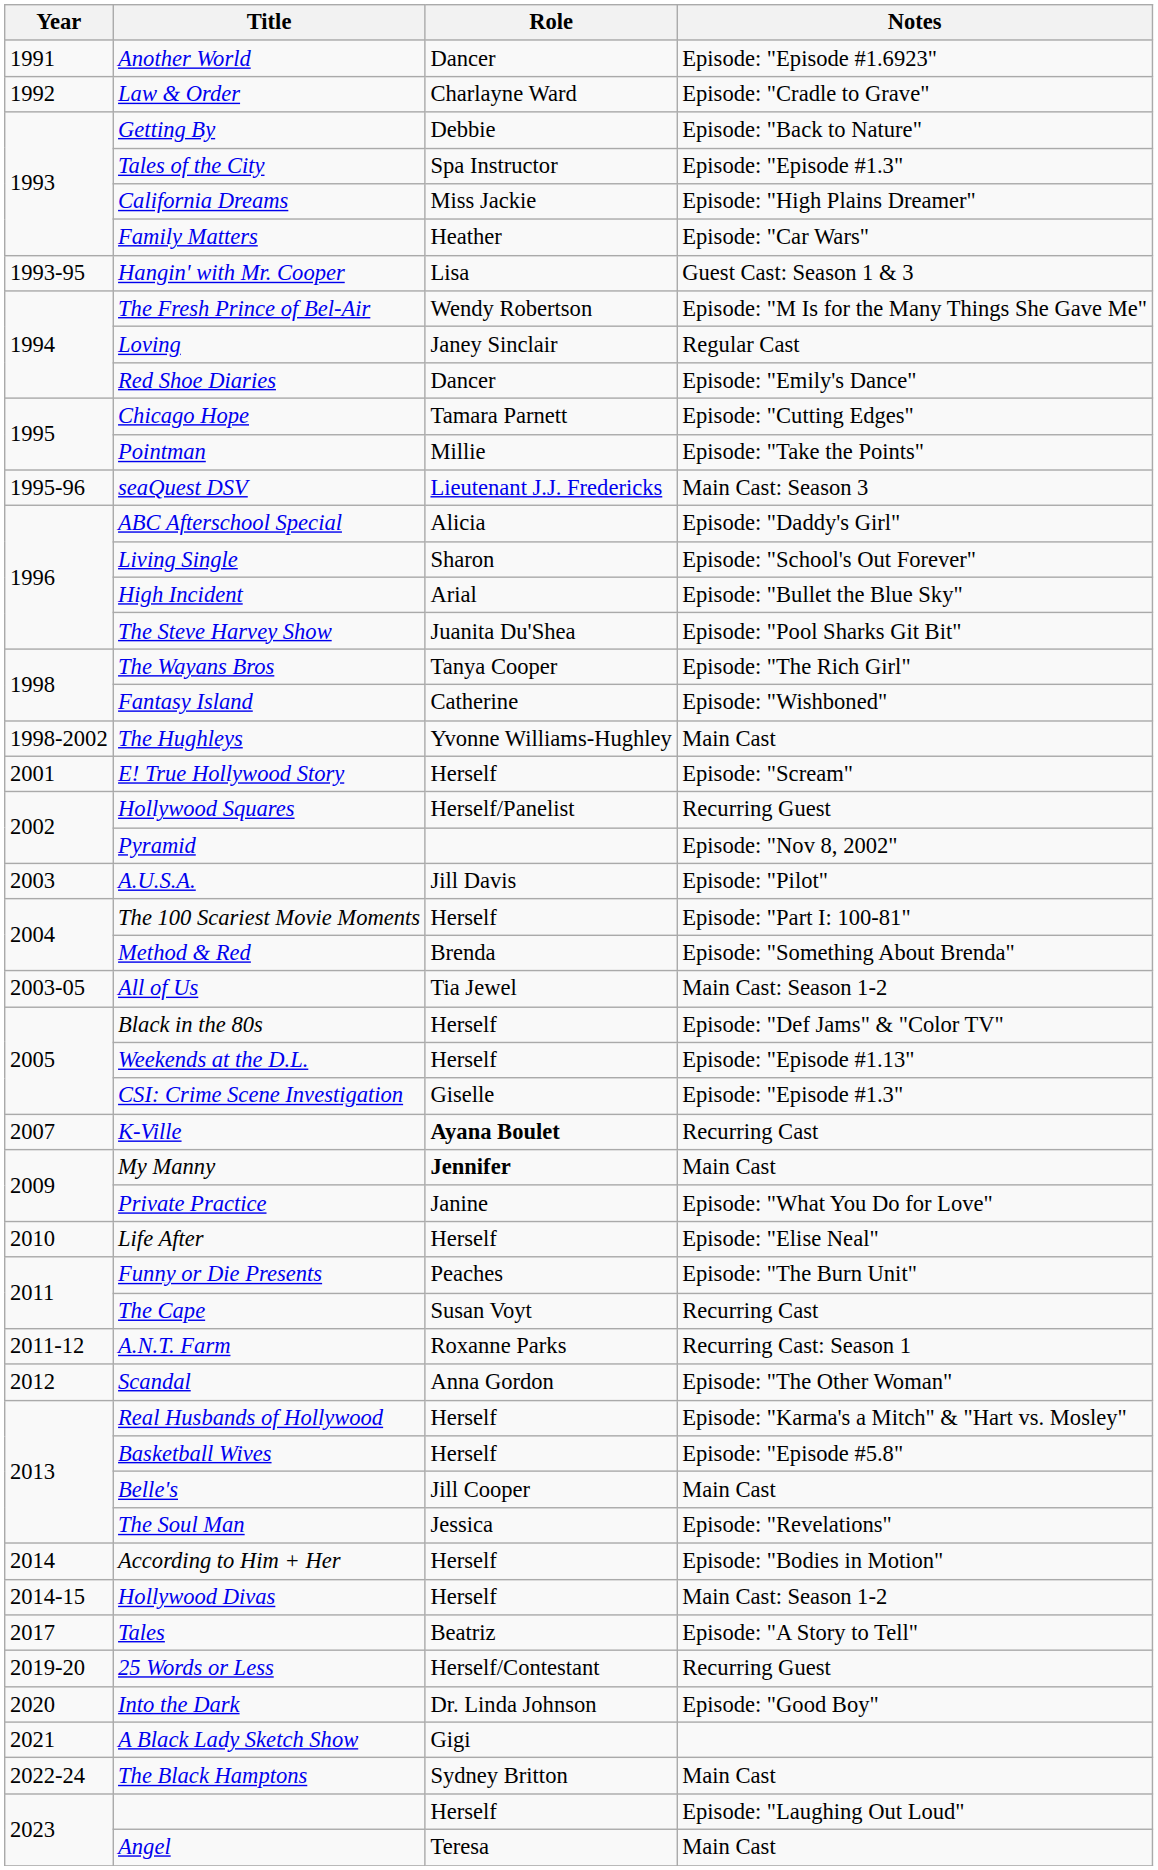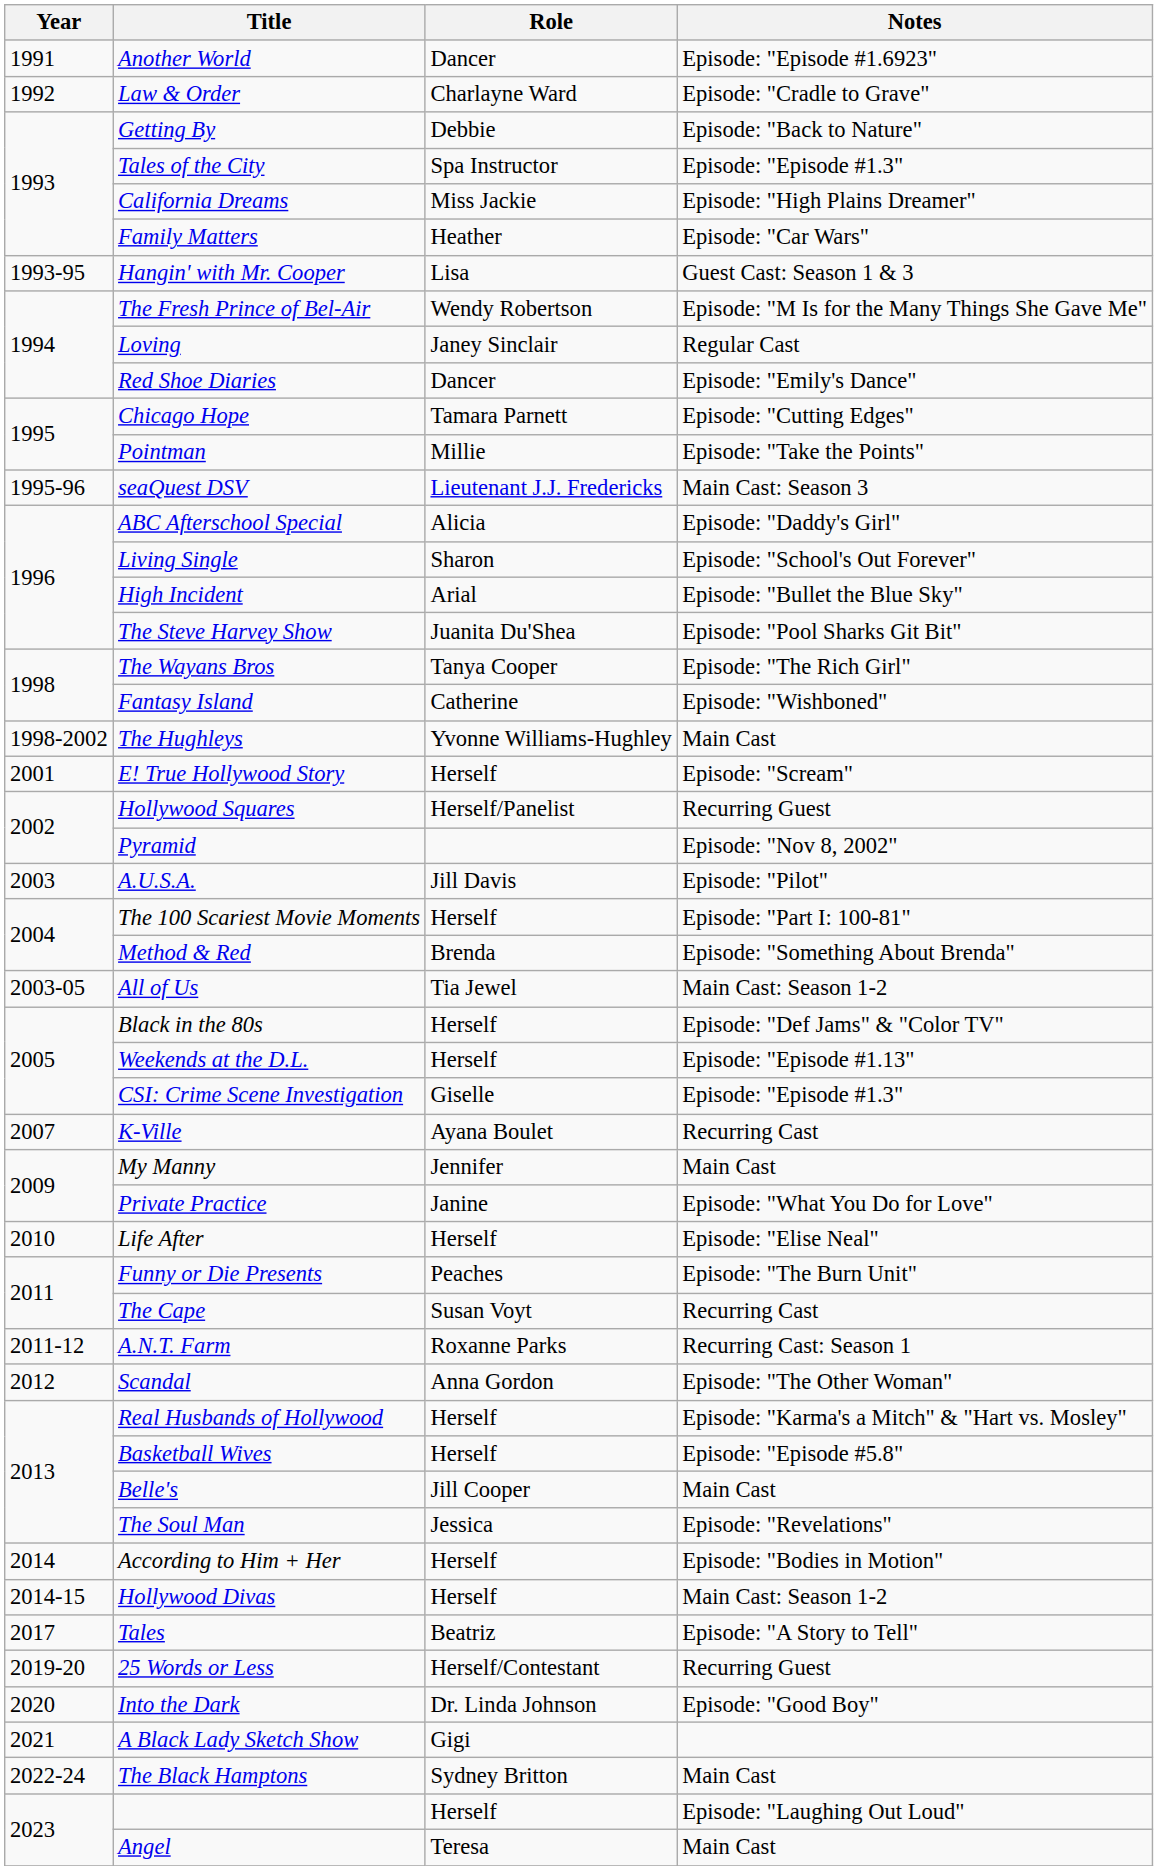 <table class="wikitable sortable">
 <tr>
 <th>Year</th>
 <th>Title</th>
 <th>Role</th>
 <th>Notes</th>
 </tr>
 <tr>
 <td>1991</td>
 <td><em><a href='#'>Another World</a></em></td>
 <td>Dancer</td>
 <td>Episode: "Episode #1.6923"</td>
 </tr>
 <tr>
 <td>1992</td>
 <td><em><a href='#'>Law & Order</a></em></td>
 <td>Charlayne Ward</td>
 <td>Episode: "Cradle to Grave"</td>
 </tr>
 <tr>
 <td rowspan="4">1993</td>
 <td><em><a href='#'>Getting By</a></em></td>
 <td>Debbie</td>
 <td>Episode: "Back to Nature"</td>
 </tr>
 <tr>
 <td><em><a href='#'>Tales of the City</a></em></td>
 <td>Spa Instructor</td>
 <td>Episode: "Episode #1.3"</td>
 </tr>
 <tr>
 <td><em><a href='#'>California Dreams</a></em></td>
 <td>Miss Jackie</td>
 <td>Episode: "High Plains Dreamer"</td>
 </tr>
 <tr>
 <td><em><a href='#'>Family Matters</a></em></td>
 <td>Heather</td>
 <td>Episode: "Car Wars"</td>
 </tr>
 <tr>
 <td>1993-95</td>
 <td><em><a href='#'>Hangin' with Mr. Cooper</a></em></td>
 <td>Lisa</td>
 <td>Guest Cast: Season 1 & 3</td>
 </tr>
 <tr>
 <td rowspan="3">1994</td>
 <td><em><a href='#'>The Fresh Prince of Bel-Air</a></em></td>
 <td>Wendy Robertson</td>
 <td>Episode: "M Is for the Many Things She Gave Me"</td>
 </tr>
 <tr>
 <td><em><a href='#'>Loving</a></em></td>
 <td>Janey Sinclair</td>
 <td>Regular Cast</td>
 </tr>
 <tr>
 <td><em><a href='#'>Red Shoe Diaries</a></em></td>
 <td>Dancer</td>
 <td>Episode: "Emily's Dance"</td>
 </tr>
 <tr>
 <td rowspan="2">1995</td>
 <td><em><a href='#'>Chicago Hope</a></em></td>
 <td>Tamara Parnett</td>
 <td>Episode: "Cutting Edges"</td>
 </tr>
 <tr>
 <td><em><a href='#'>Pointman</a></em></td>
 <td>Millie</td>
 <td>Episode: "Take the Points"</td>
 </tr>
 <tr>
 <td>1995-96</td>
 <td><em><a href='#'>seaQuest DSV</a></em></td>
 <td><a href='#'>Lieutenant J.J. Fredericks</a></td>
 <td>Main Cast: Season 3</td>
 </tr>
 <tr>
 <td rowspan="4">1996</td>
 <td><em><a href='#'>ABC Afterschool Special</a></em></td>
 <td>Alicia</td>
 <td>Episode: "Daddy's Girl"</td>
 </tr>
 <tr>
 <td><em><a href='#'>Living Single</a></em></td>
 <td>Sharon</td>
 <td>Episode: "School's Out Forever"</td>
 </tr>
 <tr>
 <td><em><a href='#'>High Incident</a></em></td>
 <td>Arial</td>
 <td>Episode: "Bullet the Blue Sky"</td>
 </tr>
 <tr>
 <td><em><a href='#'>The Steve Harvey Show</a></em></td>
 <td>Juanita Du'Shea</td>
 <td>Episode: "Pool Sharks Git Bit"</td>
 </tr>
 <tr>
 <td rowspan="2">1998</td>
 <td><em><a href='#'>The Wayans Bros</a></em></td>
 <td>Tanya Cooper</td>
 <td>Episode: "The Rich Girl"</td>
 </tr>
 <tr>
 <td><em><a href='#'>Fantasy Island</a></em></td>
 <td>Catherine</td>
 <td>Episode: "Wishboned"</td>
 </tr>
 <tr>
 <td>1998-2002</td>
 <td><em><a href='#'>The Hughleys</a></em></td>
 <td>Yvonne Williams-Hughley</td>
 <td>Main Cast</td>
 </tr>
 <tr>
 <td>2001</td>
 <td><em><a href='#'>E! True Hollywood Story</a></em></td>
 <td>Herself</td>
 <td>Episode: "Scream"</td>
 </tr>
 <tr>
 <td rowspan="2">2002</td>
 <td><em><a href='#'>Hollywood Squares</a></em></td>
 <td>Herself/Panelist</td>
 <td>Recurring Guest</td>
 </tr>
 <tr>
 <td><em><a href='#'>Pyramid</a></em></td>
 <td></td>
 <td>Episode: "Nov 8, 2002"</td>
 </tr>
 <tr>
 <td>2003</td>
 <td><em><a href='#'>A.U.S.A.</a></em></td>
 <td>Jill Davis</td>
 <td>Episode: "Pilot"</td>
 </tr>
 <tr>
 <td rowspan="2">2004</td>
 <td><em>The 100 Scariest Movie Moments</em></td>
 <td>Herself</td>
 <td>Episode: "Part I: 100-81"</td>
 </tr>
 <tr>
 <td><em><a href='#'>Method & Red</a></em></td>
 <td>Brenda</td>
 <td>Episode: "Something About Brenda"</td>
 </tr>
 <tr>
 <td>2003-05</td>
 <td><em><a href='#'>All of Us</a></em></td>
 <td>Tia Jewel</td>
 <td>Main Cast: Season 1-2</td>
 </tr>
 <tr>
 <td rowspan="3">2005</td>
 <td><em>Black in the 80s</em></td>
 <td>Herself</td>
 <td>Episode: "Def Jams" & "Color TV"</td>
 </tr>
 <tr>
 <td><em><a href='#'>Weekends at the D.L.</a></em></td>
 <td>Herself</td>
 <td>Episode: "Episode #1.13"</td>
 </tr>
 <tr>
 <td><em><a href='#'>CSI: Crime Scene Investigation</a></em></td>
 <td>Giselle</td>
 <td>Episode: "Episode #1.3"</td>
 </tr>
 <tr>
 <td>2007</td>
 <td><em><a href='#'>K-Ville</a></em></td>
-<td><strong>Ayana Boulet</strong></td>
+<td>Ayana Boulet</td>
 <td>Recurring Cast</td>
 </tr>
 <tr>
 <td rowspan="2">2009</td>
 <td><em>My Manny</em></td>
-<td><strong>Jennifer</strong></td>
+<td>Jennifer</td>
 <td>Main Cast</td>
 </tr>
 <tr>
 <td><em><a href='#'>Private Practice</a></em></td>
 <td>Janine</td>
 <td>Episode: "What You Do for Love"</td>
 </tr>
 <tr>
 <td>2010</td>
 <td><em>Life After</em></td>
 <td>Herself</td>
 <td>Episode: "Elise Neal"</td>
 </tr>
 <tr>
 <td rowspan="2">2011</td>
 <td><em><a href='#'>Funny or Die Presents</a></em></td>
 <td>Peaches</td>
 <td>Episode: "The Burn Unit"</td>
 </tr>
 <tr>
 <td><em><a href='#'>The Cape</a></em></td>
 <td>Susan Voyt</td>
 <td>Recurring Cast</td>
 </tr>
 <tr>
 <td>2011-12</td>
 <td><em><a href='#'>A.N.T. Farm</a></em></td>
 <td>Roxanne Parks</td>
 <td>Recurring Cast: Season 1</td>
 </tr>
 <tr>
 <td>2012</td>
 <td><em><a href='#'>Scandal</a></em></td>
 <td>Anna Gordon</td>
 <td>Episode: "The Other Woman"</td>
 </tr>
 <tr>
 <td rowspan="4">2013</td>
 <td><em><a href='#'>Real Husbands of Hollywood</a></em></td>
 <td>Herself</td>
 <td>Episode: "Karma's a Mitch" & "Hart vs. Mosley"</td>
 </tr>
 <tr>
 <td><em><a href='#'>Basketball Wives</a></em></td>
 <td>Herself</td>
 <td>Episode: "Episode #5.8"</td>
 </tr>
 <tr>
 <td><em><a href='#'>Belle's</a></em></td>
 <td>Jill Cooper</td>
 <td>Main Cast</td>
 </tr>
 <tr>
 <td><em><a href='#'>The Soul Man</a></em></td>
 <td>Jessica</td>
 <td>Episode: "Revelations"</td>
 </tr>
 <tr>
 <td>2014</td>
 <td><em>According to Him + Her</em></td>
 <td>Herself</td>
 <td>Episode: "Bodies in Motion"</td>
 </tr>
 <tr>
 <td>2014-15</td>
 <td><em><a href='#'>Hollywood Divas</a></em></td>
 <td>Herself</td>
 <td>Main Cast: Season 1-2</td>
 </tr>
 <tr>
 <td>2017</td>
 <td><em><a href='#'>Tales</a></em></td>
 <td>Beatriz</td>
 <td>Episode: "A Story to Tell"</td>
 </tr>
 <tr>
 <td>2019-20</td>
 <td><em><a href='#'>25 Words or Less</a></em></td>
 <td>Herself/Contestant</td>
 <td>Recurring Guest</td>
 </tr>
 <tr>
 <td>2020</td>
 <td><em><a href='#'>Into the Dark</a></em></td>
 <td>Dr. Linda Johnson</td>
 <td>Episode: "Good Boy"</td>
 </tr>
 <tr>
 <td>2021</td>
 <td><em><a href='#'>A Black Lady Sketch Show</a></em></td>
 <td>Gigi</td>
 <td></td>
 </tr>
 <tr>
 <td>2022-24</td>
 <td><em><a href='#'>The Black Hamptons</a></em></td>
 <td>Sydney Britton</td>
 <td>Main Cast</td>
 </tr>
 <tr>
 <td rowspan="2">2023</td>
 <td></td>
 <td>Herself</td>
 <td>Episode: "Laughing Out Loud"</td>
 </tr>
 <tr>
 <td><em><a href='#'>Angel</a></em></td>
 <td>Teresa</td>
 <td>Main Cast</td>
 </tr>
 </table>
